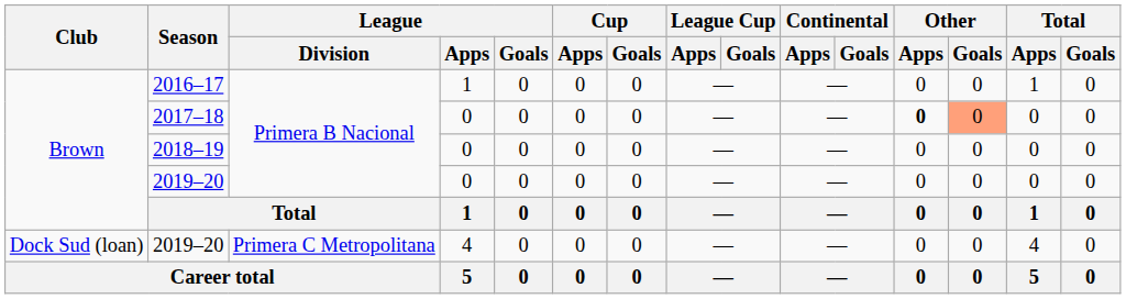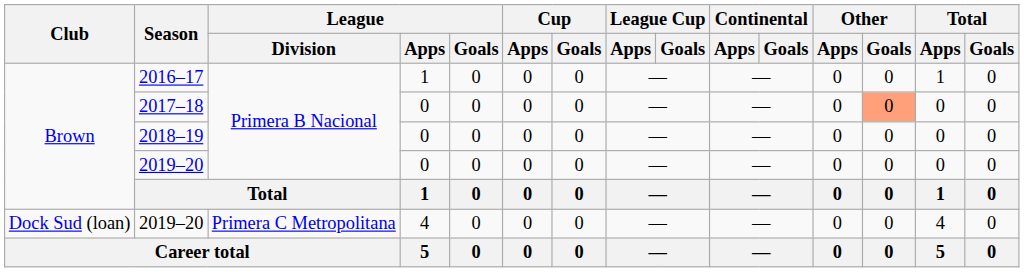 <table class="wikitable" style="text-align:center">
 <tr>
 <th rowspan="2">Club</th>
 <th rowspan="2">Season</th>
 <th colspan="3">League</th>
 <th colspan="2">Cup</th>
 <th colspan="2">League Cup</th>
 <th colspan="2">Continental</th>
 <th colspan="2">Other</th>
 <th colspan="2">Total</th>
 </tr>
 <tr>
 <th>Division</th>
 <th>Apps</th>
 <th>Goals</th>
 <th>Apps</th>
 <th>Goals</th>
 <th>Apps</th>
 <th>Goals</th>
 <th>Apps</th>
 <th>Goals</th>
 <th>Apps</th>
 <th>Goals</th>
 <th>Apps</th>
 <th>Goals</th>
 </tr>
 <tr>
 <td rowspan="5"><a href='#'>Brown</a></td>
 <td><a href='#'>2016–17</a></td>
 <td rowspan="4"><a href='#'>Primera B Nacional</a></td>
 <td>1</td>
 <td>0</td>
 <td>0</td>
 <td>0</td>
 <td colspan="2">—</td>
 <td colspan="2">—</td>
 <td>0</td>
 <td>0</td>
 <td>1</td>
 <td>0</td>
 </tr>
 <tr>
 <td><a href='#'>2017–18</a></td>
 <td>0</td>
 <td>0</td>
 <td>0</td>
 <td>0</td>
 <td colspan="2">—</td>
 <td colspan="2">—</td>
-<td><strong>0</strong></td>
+<td>0</td>
 <td style="background: lightsalmon;">0</td>
 <td>0</td>
 <td>0</td>
 </tr>
 <tr>
 <td><a href='#'>2018–19</a></td>
 <td>0</td>
 <td>0</td>
 <td>0</td>
 <td>0</td>
 <td colspan="2">—</td>
 <td colspan="2">—</td>
 <td>0</td>
 <td>0</td>
 <td>0</td>
 <td>0</td>
 </tr>
 <tr>
 <td><a href='#'>2019–20</a></td>
 <td>0</td>
 <td>0</td>
 <td>0</td>
 <td>0</td>
 <td colspan="2">—</td>
 <td colspan="2">—</td>
 <td>0</td>
 <td>0</td>
 <td>0</td>
 <td>0</td>
 </tr>
 <tr>
 <th colspan="2">Total</th>
 <th>1</th>
 <th>0</th>
 <th>0</th>
 <th>0</th>
 <th colspan="2">—</th>
 <th colspan="2">—</th>
 <th>0</th>
 <th>0</th>
 <th>1</th>
 <th>0</th>
 </tr>
 <tr>
 <td rowspan="1"><a href='#'>Dock Sud</a> (loan)</td>
 <td>2019–20</td>
 <td rowspan="1"><a href='#'>Primera C Metropolitana</a></td>
 <td>4</td>
 <td>0</td>
 <td>0</td>
 <td>0</td>
 <td colspan="2">—</td>
 <td colspan="2">—</td>
 <td>0</td>
 <td>0</td>
 <td>4</td>
 <td>0</td>
 </tr>
 <tr>
 <th colspan="3">Career total</th>
 <th>5</th>
 <th>0</th>
 <th>0</th>
 <th>0</th>
 <th colspan="2">—</th>
 <th colspan="2">—</th>
 <th>0</th>
 <th>0</th>
 <th>5</th>
 <th>0</th>
 </tr>
 </table>
